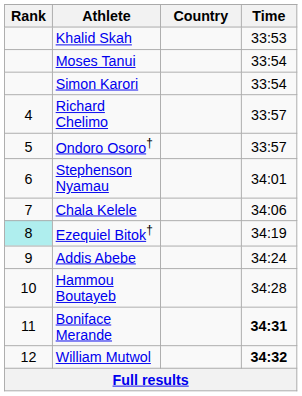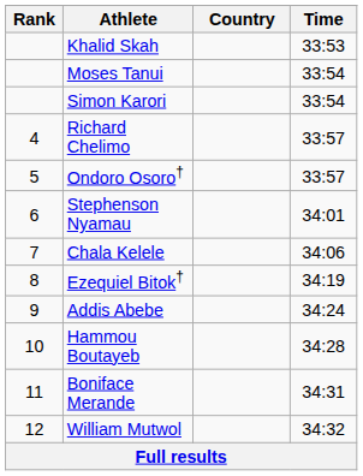 <table class="wikitable sortable" style=" text-align:center; font-size:95%;" width="50%">
 <tr>
 </tr>
 <tr>
 <th width=5%>Rank</th>
 <th width=20%>Athlete</th>
 <th width=15%>Country</th>
 <th width=10%>Time</th>
 </tr>
 <tr>
 <td align=center></td>
 <td align=left><a href='#'>Khalid Skah</a></td>
 <td align=left></td>
 <td>33:53</td>
 </tr>
 <tr>
 <td align=center></td>
 <td align=left><a href='#'>Moses Tanui</a></td>
 <td align=left></td>
 <td>33:54</td>
 </tr>
 <tr>
 <td align=center></td>
 <td align=left><a href='#'>Simon Karori</a></td>
 <td align=left></td>
 <td>33:54</td>
 </tr>
 <tr>
 <td align=center>4</td>
 <td align=left><a href='#'>Richard Chelimo</a></td>
 <td align=left></td>
 <td>33:57</td>
 </tr>
 <tr>
 <td align=center>5</td>
 <td align=left><a href='#'>Ondoro Osoro</a><sup>†</sup></td>
 <td align=left></td>
 <td>33:57</td>
 </tr>
 <tr>
 <td align=center>6</td>
 <td align=left><a href='#'>Stephenson Nyamau</a></td>
 <td align=left></td>
 <td>34:01</td>
 </tr>
 <tr>
 <td align=center>7</td>
 <td align=left><a href='#'>Chala Kelele</a></td>
 <td align=left></td>
 <td>34:06</td>
 </tr>
 <tr>
-<td align=center style="background: paleturquoise;">8</td>
+<td align=center>8</td>
 <td align=left><a href='#'>Ezequiel Bitok</a><sup>†</sup></td>
 <td align=left></td>
 <td>34:19</td>
 </tr>
 <tr>
 <td align=center>9</td>
 <td align=left><a href='#'>Addis Abebe</a></td>
 <td align=left></td>
 <td>34:24</td>
 </tr>
 <tr>
 <td align=center>10</td>
 <td align=left><a href='#'>Hammou Boutayeb</a></td>
 <td align=left></td>
 <td>34:28</td>
 </tr>
 <tr>
 <td align=center>11</td>
 <td align=left><a href='#'>Boniface Merande</a></td>
 <td align=left></td>
-<td><strong>34:31</strong></td>
+<td>34:31</td>
 </tr>
 <tr>
 <td align=center>12</td>
 <td align=left><a href='#'>William Mutwol</a></td>
 <td align=left></td>
-<td><strong>34:32</strong></td>
+<td>34:32</td>
 </tr>
 <tr class="sortbottom">
 <th colspan=4 align=center><a href='#'>Full results</a></th>
 </tr>
 </table>
